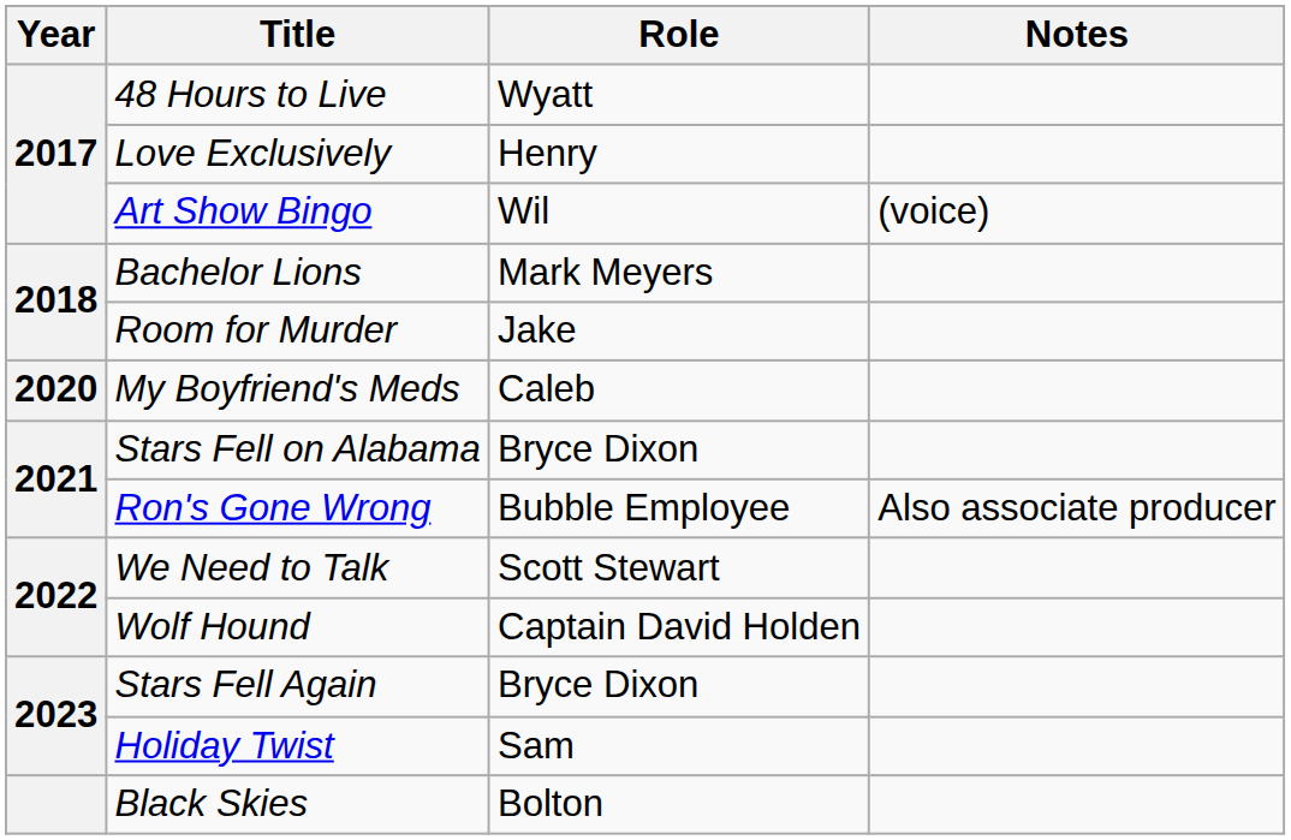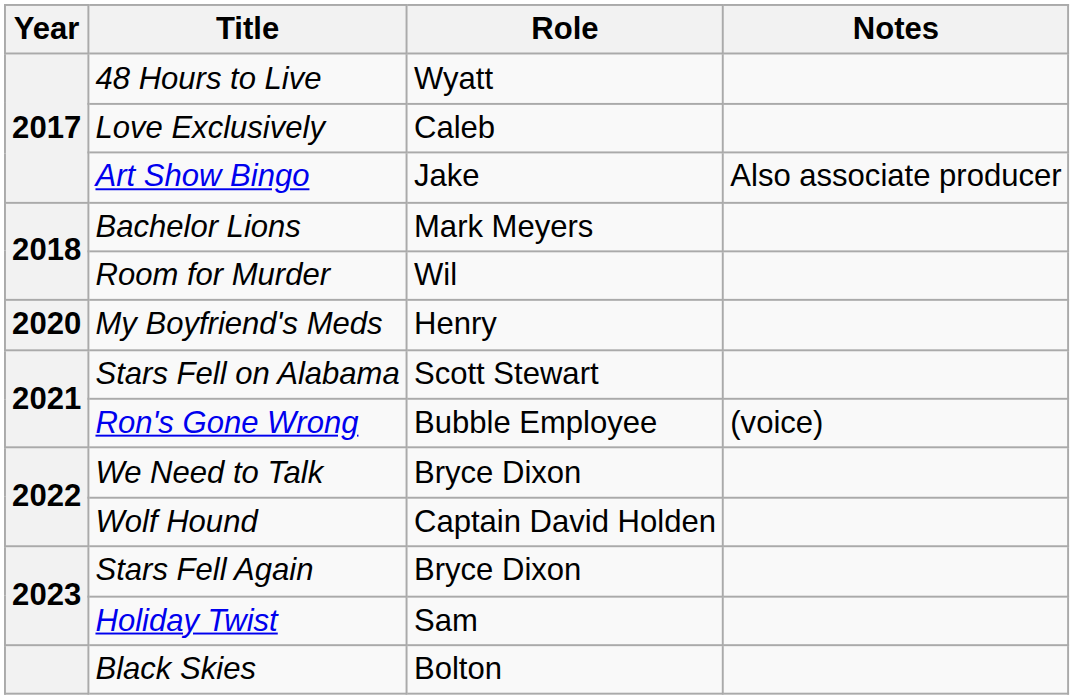 <table class="wikitable sortable plainrowheaders">
 <tr>
 <th scope="col">Year</th>
 <th scope="col">Title</th>
 <th scope="col">Role</th>
 <th class="unsortable" scope="col">Notes</th>
 </tr>
 <tr>
 <th rowspan="3" scope="row">2017</th>
 <td><em>48 Hours to Live</em></td>
 <td>Wyatt</td>
 <td></td>
 </tr>
 <tr>
 <td><em>Love Exclusively</em></td>
-<td>Henry</td>
+<td>Caleb</td>
 <td></td>
 </tr>
 <tr>
 <td><em><a href='#'>Art Show Bingo</a></em></td>
-<td>Wil</td>
-<td>(voice)</td>
+<td>Jake</td>
+<td>Also associate producer</td>
 </tr>
 <tr>
 <th rowspan="2" scope="row">2018</th>
 <td><em>Bachelor Lions</em></td>
 <td>Mark Meyers</td>
 <td></td>
 </tr>
 <tr>
 <td><em>Room for Murder</em></td>
-<td>Jake</td>
+<td>Wil</td>
 <td></td>
 </tr>
 <tr>
 <th scope="row">2020</th>
 <td><em>My Boyfriend's Meds</em></td>
-<td>Caleb</td>
+<td>Henry</td>
 <td></td>
 </tr>
 <tr>
 <th rowspan="2" scope="row">2021</th>
 <td><em>Stars Fell on Alabama</em></td>
-<td>Bryce Dixon</td>
+<td>Scott Stewart</td>
 <td></td>
 </tr>
 <tr>
 <td><em><a href='#'>Ron's Gone Wrong</a></em></td>
 <td>Bubble Employee</td>
-<td>Also associate producer</td>
+<td>(voice)</td>
 </tr>
 <tr>
 <th rowspan="2" scope="row">2022</th>
 <td><em>We Need to Talk</em></td>
-<td>Scott Stewart</td>
+<td>Bryce Dixon</td>
 <td></td>
 </tr>
 <tr>
 <td><em>Wolf Hound</em></td>
 <td>Captain David Holden</td>
 <td></td>
 </tr>
 <tr>
 <th rowspan="2" scope="row">2023</th>
 <td><em>Stars Fell Again</em></td>
 <td>Bryce Dixon</td>
 <td></td>
 </tr>
 <tr>
 <td><em><a href='#'>Holiday Twist</a></em></td>
 <td>Sam</td>
 <td></td>
 </tr>
 <tr>
 <th></th>
 <td><em>Black Skies</em></td>
 <td>Bolton</td>
 <td></td>
 </tr>
 </table>
